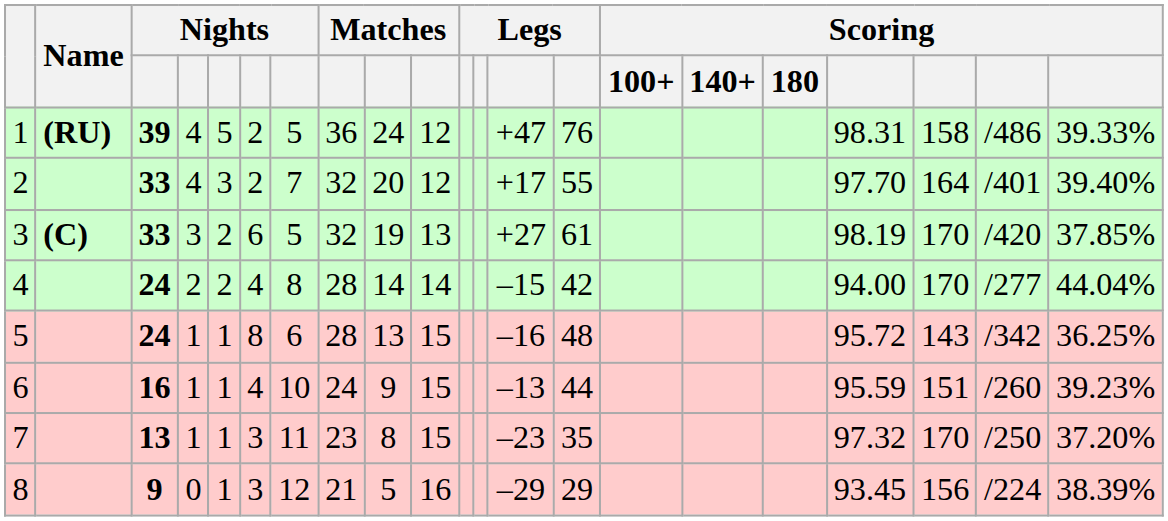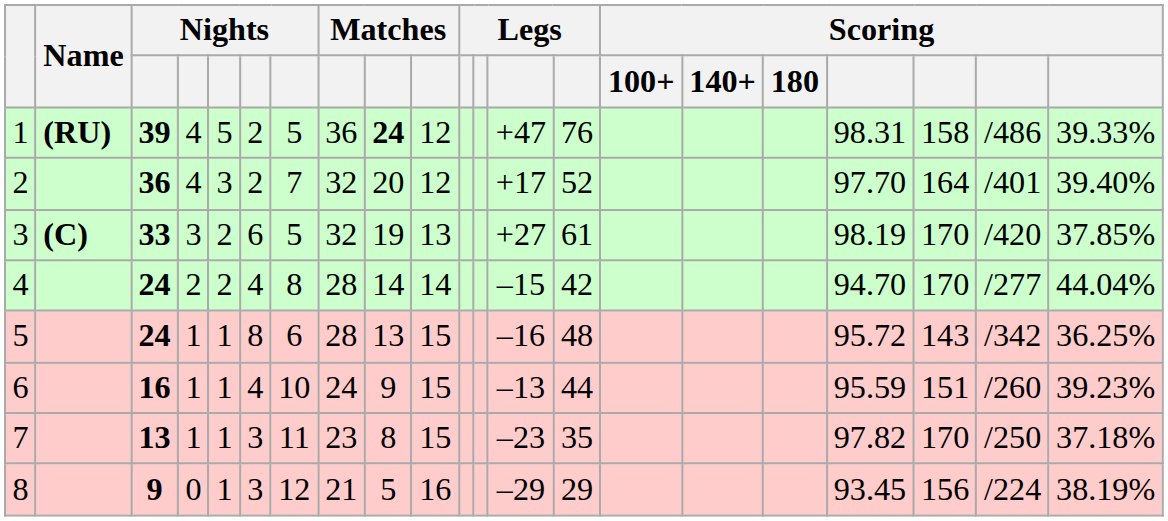 <table class="wikitable sortable" style="text-align:center;">
 <tr>
 <th rowspan=2></th>
 <th rowspan=2>Name</th>
 <th colspan="5">Nights</th>
 <th colspan="3">Matches</th>
 <th colspan="4">Legs</th>
 <th colspan="7">Scoring</th>
 </tr>
 <tr>
 <th></th>
 <th></th>
 <th></th>
 <th></th>
 <th></th>
 <th></th>
 <th></th>
 <th></th>
 <th></th>
 <th></th>
 <th></th>
 <th></th>
 <th>100+</th>
 <th>140+</th>
 <th>180</th>
 <th></th>
 <th></th>
 <th></th>
 <th></th>
 </tr>
 <tr style="background:#ccffcc;">
 <td>1</td>
 <td align="left"> <strong>(RU)</strong></td>
 <td><strong>39</strong></td>
 <td>4</td>
 <td>5</td>
 <td>2</td>
 <td>5</td>
 <td>36</td>
-<td>24</td>
+<td><strong>24</strong></td>
 <td>12</td>
 <td></td>
 <td></td>
 <td>+47</td>
 <td>76</td>
 <td></td>
 <td></td>
 <td></td>
 <td>98.31</td>
 <td>158</td>
 <td>/486</td>
 <td>39.33%</td>
 </tr>
 <tr style="background:#ccffcc;">
 <td>2</td>
 <td align="left"></td>
-<td><strong>33</strong></td>
+<td><strong>36</strong></td>
 <td>4</td>
 <td>3</td>
 <td>2</td>
 <td>7</td>
 <td>32</td>
 <td>20</td>
 <td>12</td>
 <td></td>
 <td></td>
 <td>+17</td>
-<td>55</td>
+<td>52</td>
 <td></td>
 <td></td>
 <td></td>
 <td>97.70</td>
 <td>164</td>
 <td>/401</td>
 <td>39.40%</td>
 </tr>
 <tr style="background:#ccffcc;">
 <td>3</td>
 <td align="left"> <strong>(C)</strong></td>
 <td><strong>33</strong></td>
 <td>3</td>
 <td>2</td>
 <td>6</td>
 <td>5</td>
 <td>32</td>
 <td>19</td>
 <td>13</td>
 <td></td>
 <td></td>
 <td>+27</td>
 <td>61</td>
 <td></td>
 <td></td>
 <td></td>
 <td>98.19</td>
 <td>170</td>
 <td>/420</td>
 <td>37.85%</td>
 </tr>
 <tr style="background:#ccffcc;">
 <td>4</td>
 <td align="left"></td>
 <td><strong>24</strong></td>
 <td>2</td>
 <td>2</td>
 <td>4</td>
 <td>8</td>
 <td>28</td>
 <td>14</td>
 <td>14</td>
 <td></td>
 <td></td>
 <td>–15</td>
 <td>42</td>
 <td></td>
 <td></td>
 <td></td>
-<td>94.00</td>
+<td>94.70</td>
 <td>170</td>
 <td>/277</td>
 <td>44.04%</td>
 </tr>
 <tr style="background:#ffcccc;">
 <td>5</td>
 <td align="left"></td>
 <td><strong>24</strong></td>
 <td>1</td>
 <td>1</td>
 <td>8</td>
 <td>6</td>
 <td>28</td>
 <td>13</td>
 <td>15</td>
 <td></td>
 <td></td>
 <td>–16</td>
 <td>48</td>
 <td></td>
 <td></td>
 <td></td>
 <td>95.72</td>
 <td>143</td>
 <td>/342</td>
 <td>36.25%</td>
 </tr>
 <tr style="background:#ffcccc;">
 <td>6</td>
 <td align="left"></td>
 <td><strong>16</strong></td>
 <td>1</td>
 <td>1</td>
 <td>4</td>
 <td>10</td>
 <td>24</td>
 <td>9</td>
 <td>15</td>
 <td></td>
 <td></td>
 <td>–13</td>
 <td>44</td>
 <td></td>
 <td></td>
 <td></td>
 <td>95.59</td>
 <td>151</td>
 <td>/260</td>
 <td>39.23%</td>
 </tr>
 <tr style="background:#ffcccc;">
 <td>7</td>
 <td align="left"></td>
 <td><strong>13</strong></td>
 <td>1</td>
 <td>1</td>
 <td>3</td>
 <td>11</td>
 <td>23</td>
 <td>8</td>
 <td>15</td>
 <td></td>
 <td></td>
 <td>–23</td>
 <td>35</td>
 <td></td>
 <td></td>
 <td></td>
-<td>97.32</td>
+<td>97.82</td>
 <td>170</td>
 <td>/250</td>
-<td>37.20%</td>
+<td>37.18%</td>
 </tr>
 <tr style="background:#ffcccc;">
 <td>8</td>
 <td align="left"></td>
 <td><strong>9</strong></td>
 <td>0</td>
 <td>1</td>
 <td>3</td>
 <td>12</td>
 <td>21</td>
 <td>5</td>
 <td>16</td>
 <td></td>
 <td></td>
 <td>–29</td>
 <td>29</td>
 <td></td>
 <td></td>
 <td></td>
 <td>93.45</td>
 <td>156</td>
 <td>/224</td>
-<td>38.39%</td>
+<td>38.19%</td>
 </tr>
 </table>
